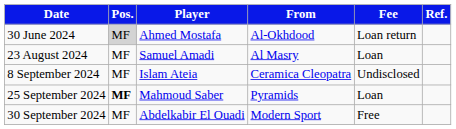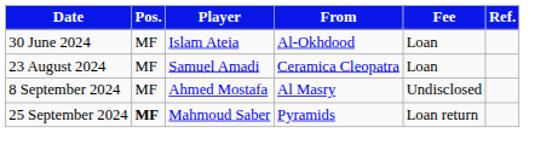 <table class="wikitable plainrowheaders sortable">
 <tr>
 <th style="background:#0918e8; color:#ffffff; ">Date</th>
 <th style="background:#0918e8; color:#ffffff; ">Pos.</th>
 <th style="background:#0918e8; color:#ffffff; ">Player</th>
 <th style="background:#0918e8; color:#ffffff; ">From</th>
 <th style="background:#0918e8; color:#ffffff; ">Fee</th>
 <th style="background:#0918e8; color:#ffffff; ">Ref.</th>
 </tr>
 <tr>
 <td>30 June 2024</td>
-<td style="background: lightgrey;">MF</td>
-<td> <a href='#'>Ahmed Mostafa</a></td>
+<td>MF</td>
+<td> <a href='#'>Islam Ateia</a></td>
 <td> <a href='#'>Al-Okhdood</a></td>
-<td>Loan return</td>
+<td>Loan</td>
 <td></td>
 </tr>
 <tr>
 <td>23 August 2024</td>
 <td>MF</td>
 <td> <a href='#'>Samuel Amadi</a></td>
-<td> <a href='#'>Al Masry</a></td>
+<td> <a href='#'>Ceramica Cleopatra</a></td>
 <td>Loan</td>
 <td></td>
 </tr>
 <tr>
 <td>8 September 2024</td>
 <td>MF</td>
-<td> <a href='#'>Islam Ateia</a></td>
-<td> <a href='#'>Ceramica Cleopatra</a></td>
+<td> <a href='#'>Ahmed Mostafa</a></td>
+<td> <a href='#'>Al Masry</a></td>
 <td>Undisclosed</td>
 <td></td>
 </tr>
 <tr>
 <td>25 September 2024</td>
 <td><strong>MF</strong></td>
 <td> <a href='#'>Mahmoud Saber</a></td>
 <td> <a href='#'>Pyramids</a></td>
-<td>Loan</td>
-<td></td>
-</tr>
-<tr>
-<td>30 September 2024</td>
-<td>MF</td>
-<td> <a href='#'>Abdelkabir El Ouadi</a></td>
-<td> <a href='#'>Modern Sport</a></td>
-<td>Free</td>
+<td>Loan return</td>
 <td></td>
 </tr>
 </table>
